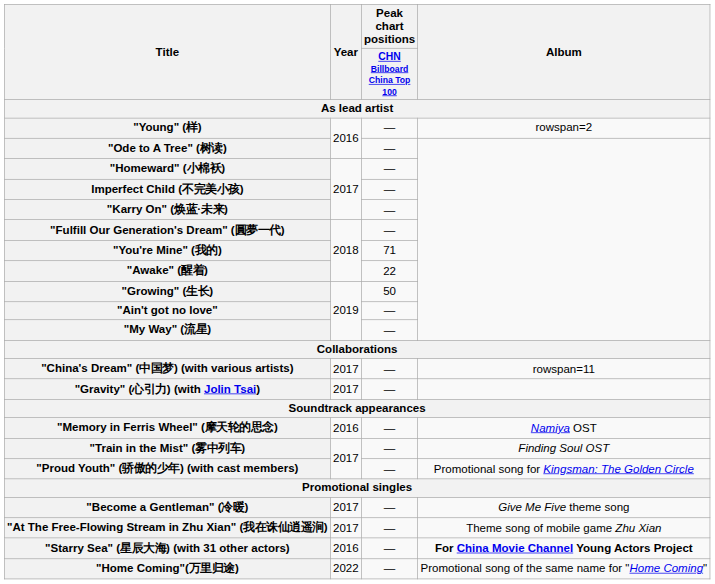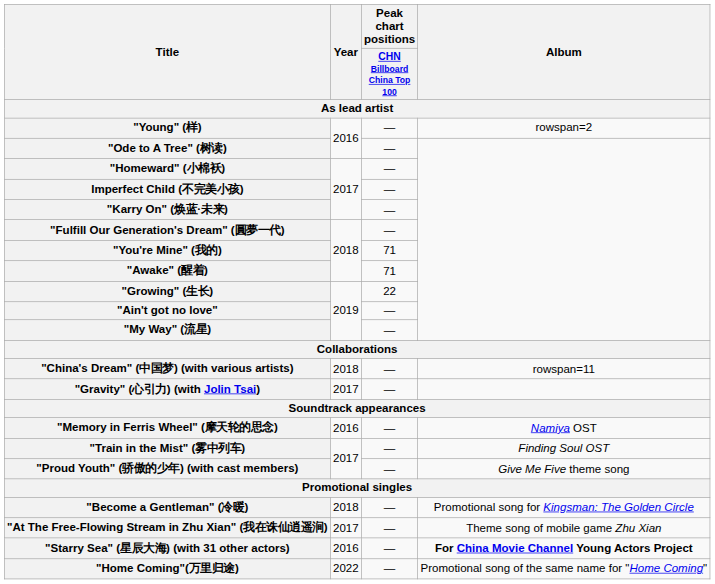 <table class="wikitable plainrowheaders" style="text-align:center;">
 <tr>
 <th rowspan="2" scope="col">Title</th>
 <th rowspan="2" scope="col">Year</th>
 <th scope="col">Peak chart positions</th>
 <th rowspan="2" scope="col">Album</th>
 </tr>
 <tr>
 <th scope="col" style="width:3em;font-size:90%;"><a href='#'>CHN<br><small>Billboard China Top 100</small></a><br></th>
 </tr>
 <tr>
 <th colspan="5">As lead artist</th>
 </tr>
 <tr>
 <th scope="row">"Young" (样)</th>
 <td rowspan=2>2016</td>
 <td>—</td>
 <td>rowspan=2 </td>
 </tr>
 <tr>
 <th scope="row">"Ode to A Tree" (树读)</th>
 <td>—</td>
 </tr>
 <tr>
 <th scope="row">"Homeward" (小棉袄)</th>
 <td rowspan=3>2017</td>
 <td>—</td>
 </tr>
 <tr>
 <th scope="row">Imperfect Child (不完美小孩)</th>
 <td>—</td>
 </tr>
 <tr>
 <th scope="row">"Karry On" (焕蓝·未来)</th>
 <td>—</td>
 </tr>
 <tr>
 <th scope=row>"Fulfill Our Generation's Dream" (圓夢一代)</th>
 <td rowspan=3>2018</td>
 <td>—</td>
 </tr>
 <tr>
 <th scope=row>"You're Mine" (我的)</th>
 <td>71</td>
 </tr>
 <tr>
 <th scope=row>"Awake" (醒着)</th>
-<td>22</td>
+<td>71</td>
 </tr>
 <tr>
 <th scope=row>"Growing" (生长)</th>
 <td rowspan="3">2019</td>
-<td>50</td>
+<td>22</td>
 </tr>
 <tr>
 <th scope=row>"Ain't got no love"</th>
 <td>—</td>
 </tr>
 <tr>
 <th scope=row>"My Way" (流星)</th>
 <td>—</td>
 </tr>
 <tr>
 <th colspan="5">Collaborations</th>
 </tr>
 <tr>
 <th scope=row>"China's Dream" (中国梦) (with various artists)</th>
-<td>2017</td>
+<td>2018</td>
 <td>—</td>
 <td>rowspan=11 </td>
 </tr>
 <tr>
 <th scope=row>"Gravity" (心引力) (with <a href='#'>Jolin Tsai</a>)</th>
 <td>2017</td>
 <td>—</td>
 </tr>
 <tr>
 <th colspan=5>Soundtrack appearances</th>
 </tr>
 <tr>
 <th scope="row">"Memory in Ferris Wheel" (摩天轮的思念)</th>
 <td>2016</td>
 <td>—</td>
 <td><em><a href='#'>Namiya</a></em> OST</td>
 </tr>
 <tr>
 <th scope="row">"Train in the Mist" (雾中列车)</th>
 <td rowspan=2>2017</td>
 <td>—</td>
 <td><em>Finding Soul OST</em></td>
 </tr>
 <tr>
 <th scope=row>"Proud Youth" (骄傲的少年) (with cast members)</th>
 <td>—</td>
-<td>Promotional song for <em><a href='#'>Kingsman: The Golden Circle</a></em></td>
+<td><em>Give Me Five</em> theme song </td>
 </tr>
 <tr>
 <th colspan=5>Promotional singles</th>
 </tr>
 <tr>
 <th scope="row">"Become a Gentleman" (冷暖)</th>
-<td>2017</td>
+<td>2018</td>
 <td>—</td>
-<td><em>Give Me Five</em> theme song </td>
+<td>Promotional song for <em><a href='#'>Kingsman: The Golden Circle</a></em></td>
 </tr>
 <tr>
 <th scope="row">"At The Free-Flowing Stream in Zhu Xian" (我在诛仙逍遥涧)</th>
 <td>2017</td>
 <td>—</td>
 <td>Theme song of mobile game <em>Zhu Xian</em></td>
 </tr>
 <tr>
 <th scope=row>"Starry Sea" (星辰大海) (with 31 other actors)</th>
 <td>2016</td>
 <td>—</td>
 <td><strong>For <a href='#'>China Movie Channel</a> Young Actors Project</strong></td>
 </tr>
 <tr>
 <th scope=row>"Home Coming"(万里归途)</th>
 <td>2022</td>
 <td>—</td>
 <td>Promotional song of the same name for "<em><a href='#'>Home Coming</a></em>"</td>
 </tr>
 </table>
